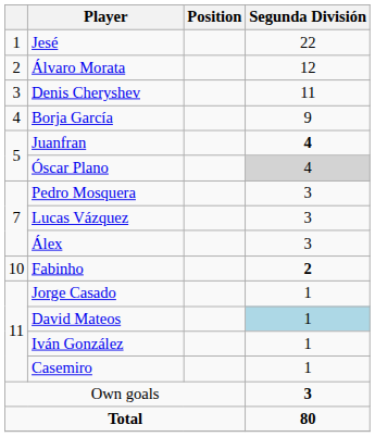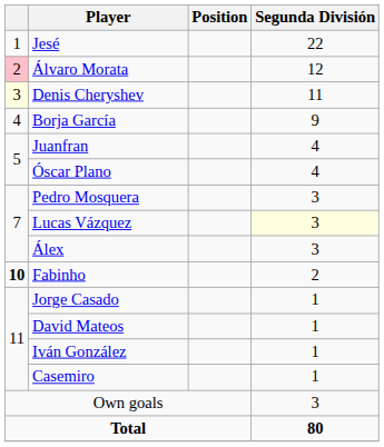 <table class="wikitable">
 <tr>
 <th></th>
 <th style="width:150px;">Player</th>
 <th>Position</th>
 <th>Segunda División</th>
 </tr>
 <tr>
 <td align=center>1</td>
 <td> <a href='#'>Jesé</a></td>
 <td align=center></td>
 <td align=center>22</td>
 </tr>
 <tr>
-<td align=center>2</td>
+<td align=center style="background: pink;">2</td>
 <td> <a href='#'>Álvaro Morata</a></td>
 <td align=center></td>
 <td align=center>12</td>
 </tr>
 <tr>
-<td align=center>3</td>
+<td align=center style="background: lightyellow;">3</td>
 <td> <a href='#'>Denis Cheryshev</a></td>
 <td align=center></td>
 <td align=center>11</td>
 </tr>
 <tr>
 <td align=center>4</td>
 <td> <a href='#'>Borja García</a></td>
 <td align=center></td>
 <td align=center>9</td>
 </tr>
 <tr>
 <td align=center rowspan=2>5</td>
 <td> <a href='#'>Juanfran</a></td>
 <td align=center></td>
-<td align=center><strong>4</strong></td>
+<td align=center>4</td>
 </tr>
 <tr>
 <td> <a href='#'>Óscar Plano</a></td>
 <td align=center></td>
-<td align=center style="background: lightgrey;">4</td>
+<td align=center>4</td>
 </tr>
 <tr>
 <td align=center rowspan=3>7</td>
 <td> <a href='#'>Pedro Mosquera</a></td>
 <td align=center></td>
 <td align=center>3</td>
 </tr>
 <tr>
 <td> <a href='#'>Lucas Vázquez</a></td>
 <td align=center></td>
-<td align=center>3</td>
+<td align=center style="background: lightyellow;">3</td>
 </tr>
 <tr>
 <td> <a href='#'>Álex</a></td>
 <td align=center></td>
 <td align=center>3</td>
 </tr>
 <tr>
-<td align=center>10</td>
+<td align=center><strong>10</strong></td>
 <td> <a href='#'>Fabinho</a></td>
 <td align=center></td>
-<td align=center><strong>2</strong></td>
+<td align=center>2</td>
 </tr>
 <tr>
 <td align=center rowspan=4>11</td>
 <td> <a href='#'>Jorge Casado</a></td>
 <td align=center></td>
 <td align=center>1</td>
 </tr>
 <tr>
 <td> <a href='#'>David Mateos</a></td>
 <td align=center></td>
-<td align=center style="background: lightblue;">1</td>
+<td align=center>1</td>
 </tr>
 <tr>
 <td> <a href='#'>Iván González</a></td>
 <td align=center></td>
 <td align=center>1</td>
 </tr>
 <tr>
 <td> <a href='#'>Casemiro</a></td>
 <td align=center></td>
 <td align=center>1</td>
 </tr>
 <tr>
 <td align=center colspan=3>Own goals</td>
-<td align=center><strong>3</strong></td>
+<td align=center>3</td>
 </tr>
 <tr>
 <td align=center colspan=3><strong>Total</strong></td>
 <td align=center><strong>80</strong></td>
 </tr>
 <tr>
 </tr>
 </table>
